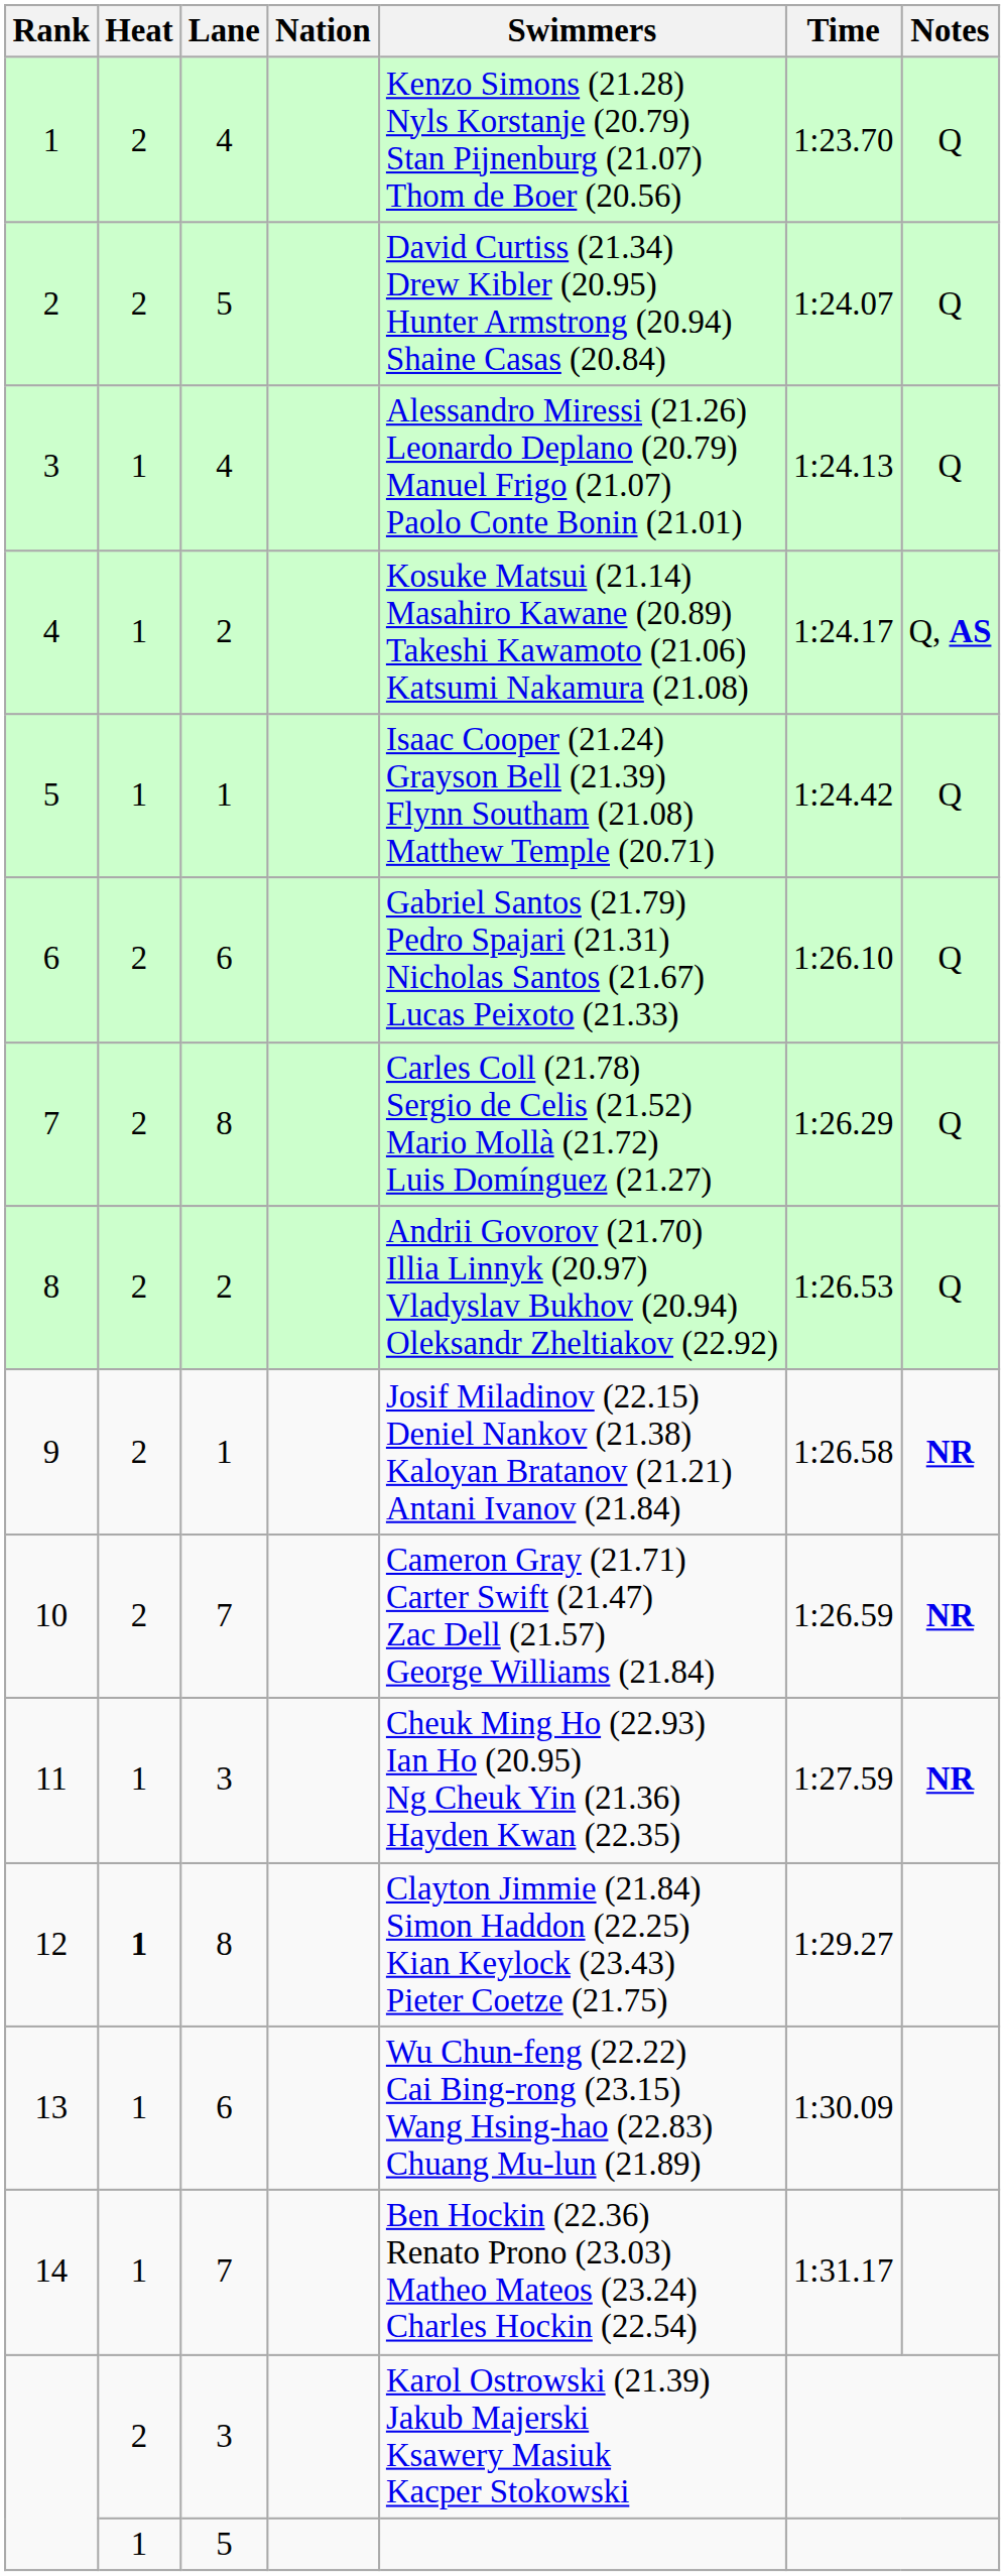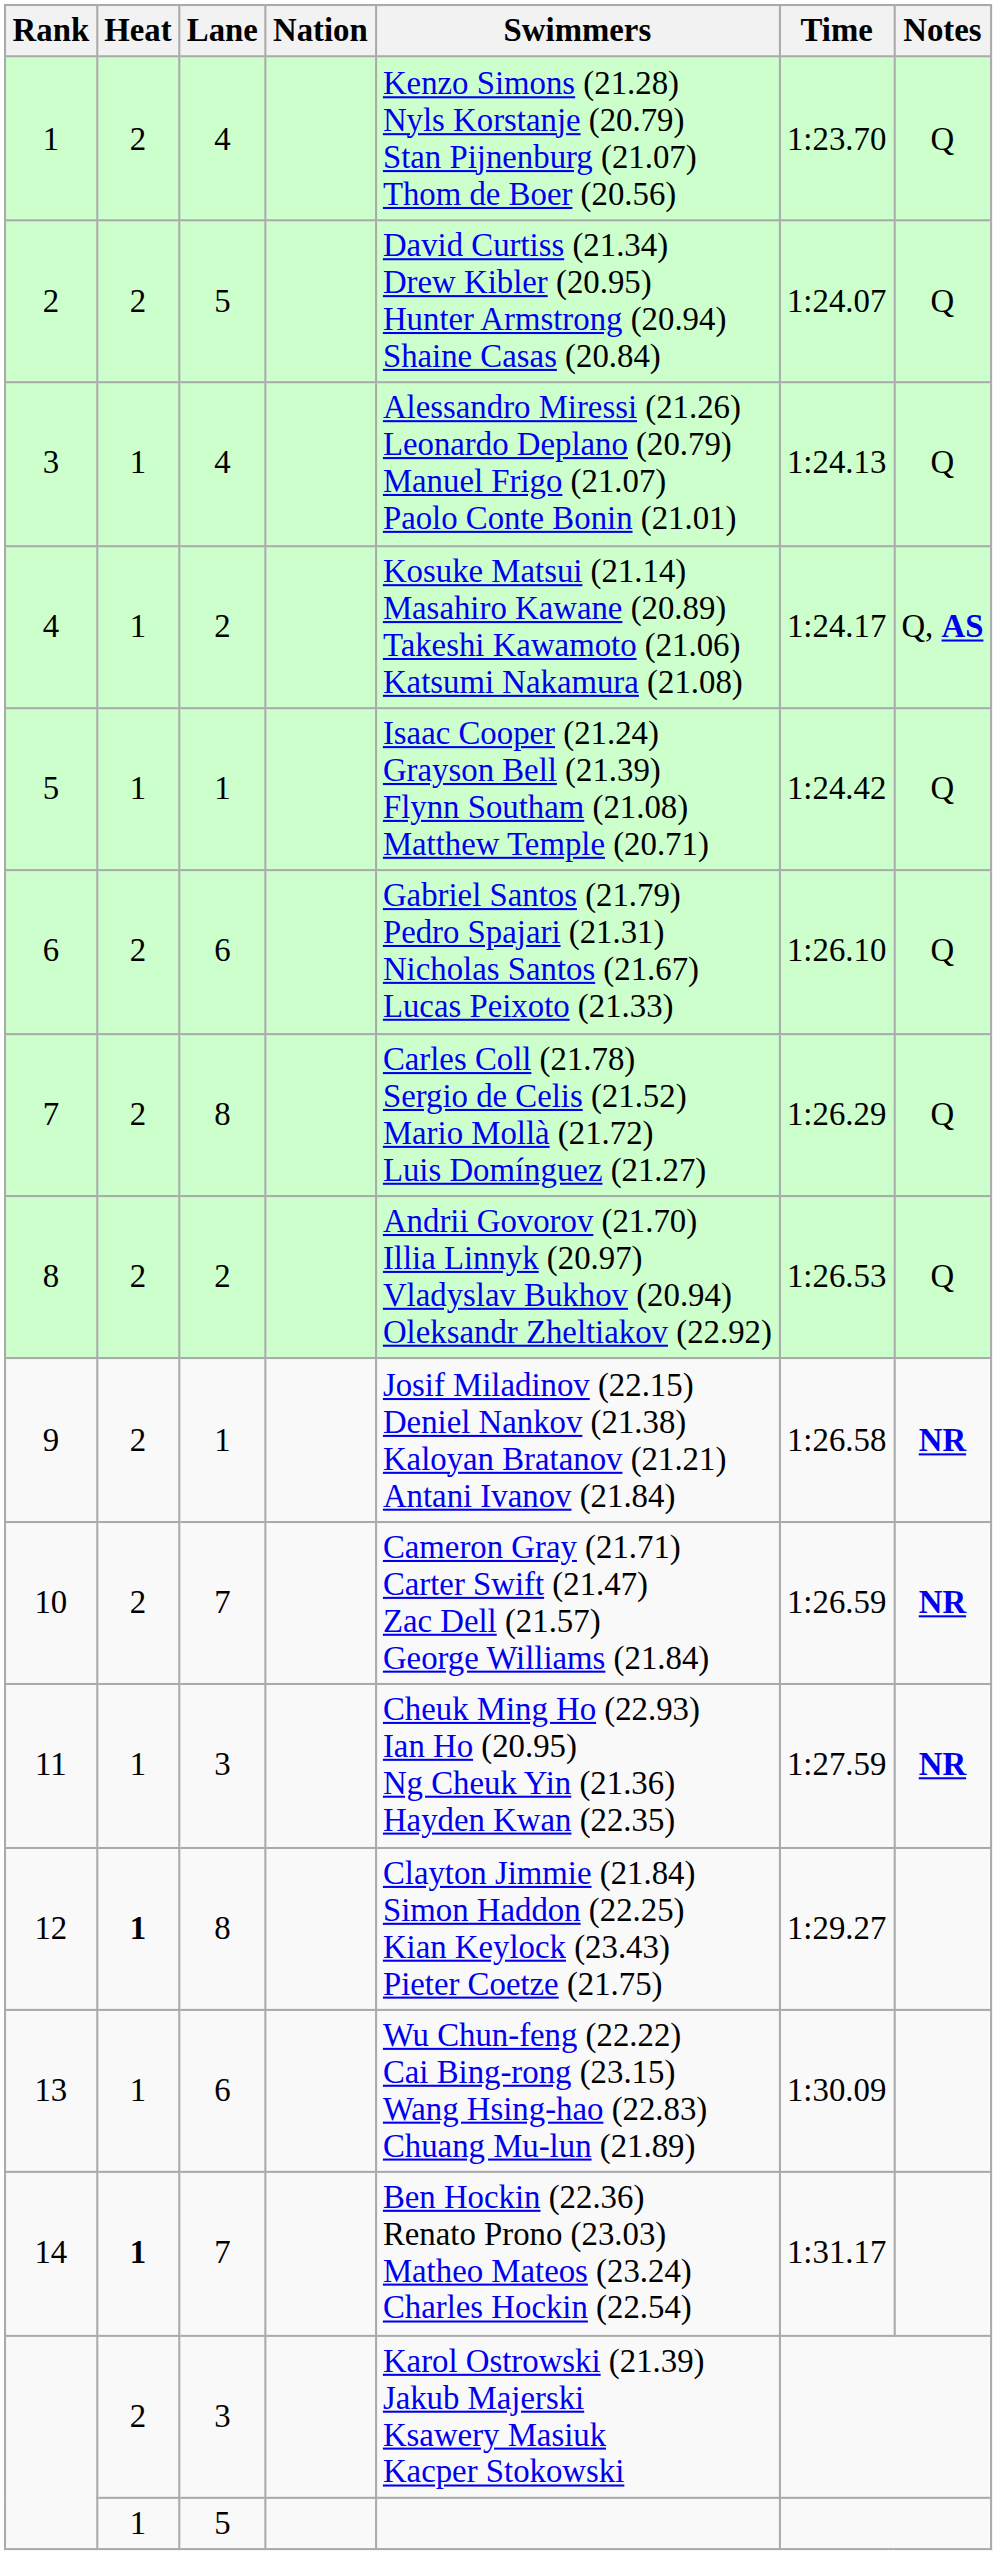 <table class="wikitable sortable" style="text-align:center">
 <tr>
 <th>Rank</th>
 <th>Heat</th>
 <th>Lane</th>
 <th>Nation</th>
 <th>Swimmers</th>
 <th>Time</th>
 <th>Notes</th>
 </tr>
 <tr bgcolor=ccffcc>
 <td>1</td>
 <td>2</td>
 <td>4</td>
 <td align=left></td>
 <td align=left><a href='#'>Kenzo Simons</a> (21.28)<br><a href='#'>Nyls Korstanje</a> (20.79)<br><a href='#'>Stan Pijnenburg</a> (21.07)<br><a href='#'>Thom de Boer</a> (20.56)</td>
 <td>1:23.70</td>
 <td>Q</td>
 </tr>
 <tr bgcolor=ccffcc>
 <td>2</td>
 <td>2</td>
 <td>5</td>
 <td align=left></td>
 <td align=left><a href='#'>David Curtiss</a> (21.34)<br><a href='#'>Drew Kibler</a> (20.95)<br><a href='#'>Hunter Armstrong</a> (20.94)<br><a href='#'>Shaine Casas</a> (20.84)</td>
 <td>1:24.07</td>
 <td>Q</td>
 </tr>
 <tr bgcolor=ccffcc>
 <td>3</td>
 <td>1</td>
 <td>4</td>
 <td align=left></td>
 <td align=left><a href='#'>Alessandro Miressi</a> (21.26)<br><a href='#'>Leonardo Deplano</a> (20.79)<br><a href='#'>Manuel Frigo</a> (21.07)<br><a href='#'>Paolo Conte Bonin</a> (21.01)</td>
 <td>1:24.13</td>
 <td>Q</td>
 </tr>
 <tr bgcolor=ccffcc>
 <td>4</td>
 <td>1</td>
 <td>2</td>
 <td align=left></td>
 <td align=left><a href='#'>Kosuke Matsui</a> (21.14)<br><a href='#'>Masahiro Kawane</a> (20.89)<br><a href='#'>Takeshi Kawamoto</a> (21.06)<br><a href='#'>Katsumi Nakamura</a> (21.08)</td>
 <td>1:24.17</td>
 <td>Q, <strong><a href='#'>AS</a></strong></td>
 </tr>
 <tr bgcolor=ccffcc>
 <td>5</td>
 <td>1</td>
 <td>1</td>
 <td align=left></td>
 <td align=left><a href='#'>Isaac Cooper</a> (21.24)<br><a href='#'>Grayson Bell</a> (21.39)<br><a href='#'>Flynn Southam</a> (21.08)<br><a href='#'>Matthew Temple</a> (20.71)</td>
 <td>1:24.42</td>
 <td>Q</td>
 </tr>
 <tr bgcolor=ccffcc>
 <td>6</td>
 <td>2</td>
 <td>6</td>
 <td align=left></td>
 <td align=left><a href='#'>Gabriel Santos</a> (21.79)<br><a href='#'>Pedro Spajari</a> (21.31)<br><a href='#'>Nicholas Santos</a> (21.67)<br><a href='#'>Lucas Peixoto</a> (21.33)</td>
 <td>1:26.10</td>
 <td>Q</td>
 </tr>
 <tr bgcolor=ccffcc>
 <td>7</td>
 <td>2</td>
 <td>8</td>
 <td align=left></td>
 <td align=left><a href='#'>Carles Coll</a> (21.78)<br><a href='#'>Sergio de Celis</a> (21.52)<br><a href='#'>Mario Mollà</a> (21.72)<br><a href='#'>Luis Domínguez</a> (21.27)</td>
 <td>1:26.29</td>
 <td>Q</td>
 </tr>
 <tr bgcolor=ccffcc>
 <td>8</td>
 <td>2</td>
 <td>2</td>
 <td align=left></td>
 <td align=left><a href='#'>Andrii Govorov</a> (21.70)<br><a href='#'>Illia Linnyk</a> (20.97)<br><a href='#'>Vladyslav Bukhov</a> (20.94)<br><a href='#'>Oleksandr Zheltiakov</a> (22.92)</td>
 <td>1:26.53</td>
 <td>Q</td>
 </tr>
 <tr>
 <td>9</td>
 <td>2</td>
 <td>1</td>
 <td align=left></td>
 <td align=left><a href='#'>Josif Miladinov</a> (22.15)<br><a href='#'>Deniel Nankov</a> (21.38)<br><a href='#'>Kaloyan Bratanov</a> (21.21)<br><a href='#'>Antani Ivanov</a> (21.84)</td>
 <td>1:26.58</td>
 <td><strong><a href='#'>NR</a></strong></td>
 </tr>
 <tr>
 <td>10</td>
 <td>2</td>
 <td>7</td>
 <td align=left></td>
 <td align=left><a href='#'>Cameron Gray</a> (21.71)<br><a href='#'>Carter Swift</a> (21.47)<br><a href='#'>Zac Dell</a> (21.57)<br><a href='#'>George Williams</a> (21.84)</td>
 <td>1:26.59</td>
 <td><strong><a href='#'>NR</a></strong></td>
 </tr>
 <tr>
 <td>11</td>
 <td>1</td>
 <td>3</td>
 <td align=left></td>
 <td align=left><a href='#'>Cheuk Ming Ho</a> (22.93)<br><a href='#'>Ian Ho</a> (20.95)<br><a href='#'>Ng Cheuk Yin</a> (21.36)<br><a href='#'>Hayden Kwan</a> (22.35)</td>
 <td>1:27.59</td>
 <td><strong><a href='#'>NR</a></strong></td>
 </tr>
 <tr>
 <td>12</td>
 <td><strong>1</strong></td>
 <td>8</td>
 <td align=left></td>
 <td align=left><a href='#'>Clayton Jimmie</a> (21.84)<br><a href='#'>Simon Haddon</a> (22.25)<br><a href='#'>Kian Keylock</a> (23.43)<br><a href='#'>Pieter Coetze</a> (21.75)</td>
 <td>1:29.27</td>
 <td></td>
 </tr>
 <tr>
 <td>13</td>
 <td>1</td>
 <td>6</td>
 <td align=left></td>
 <td align=left><a href='#'>Wu Chun-feng</a> (22.22)<br><a href='#'>Cai Bing-rong</a> (23.15)<br><a href='#'>Wang Hsing-hao</a> (22.83)<br><a href='#'>Chuang Mu-lun</a> (21.89)</td>
 <td>1:30.09</td>
 <td></td>
 </tr>
 <tr>
 <td>14</td>
-<td>1</td>
+<td><strong>1</strong></td>
 <td>7</td>
 <td align=left></td>
 <td align=left><a href='#'>Ben Hockin</a> (22.36)<br>Renato Prono (23.03)<br><a href='#'>Matheo Mateos</a> (23.24)<br><a href='#'>Charles Hockin</a> (22.54)</td>
 <td>1:31.17</td>
 <td></td>
 </tr>
 <tr>
 <td rowspan=2></td>
 <td>2</td>
 <td>3</td>
 <td align=left></td>
 <td align=left><a href='#'>Karol Ostrowski</a> (21.39)<br><a href='#'>Jakub Majerski</a><br><a href='#'>Ksawery Masiuk</a><br><a href='#'>Kacper Stokowski</a></td>
 <td colspan=2></td>
 </tr>
 <tr>
 <td>1</td>
 <td>5</td>
 <td align=left></td>
 <td></td>
 <td colspan=2></td>
 </tr>
 </table>
